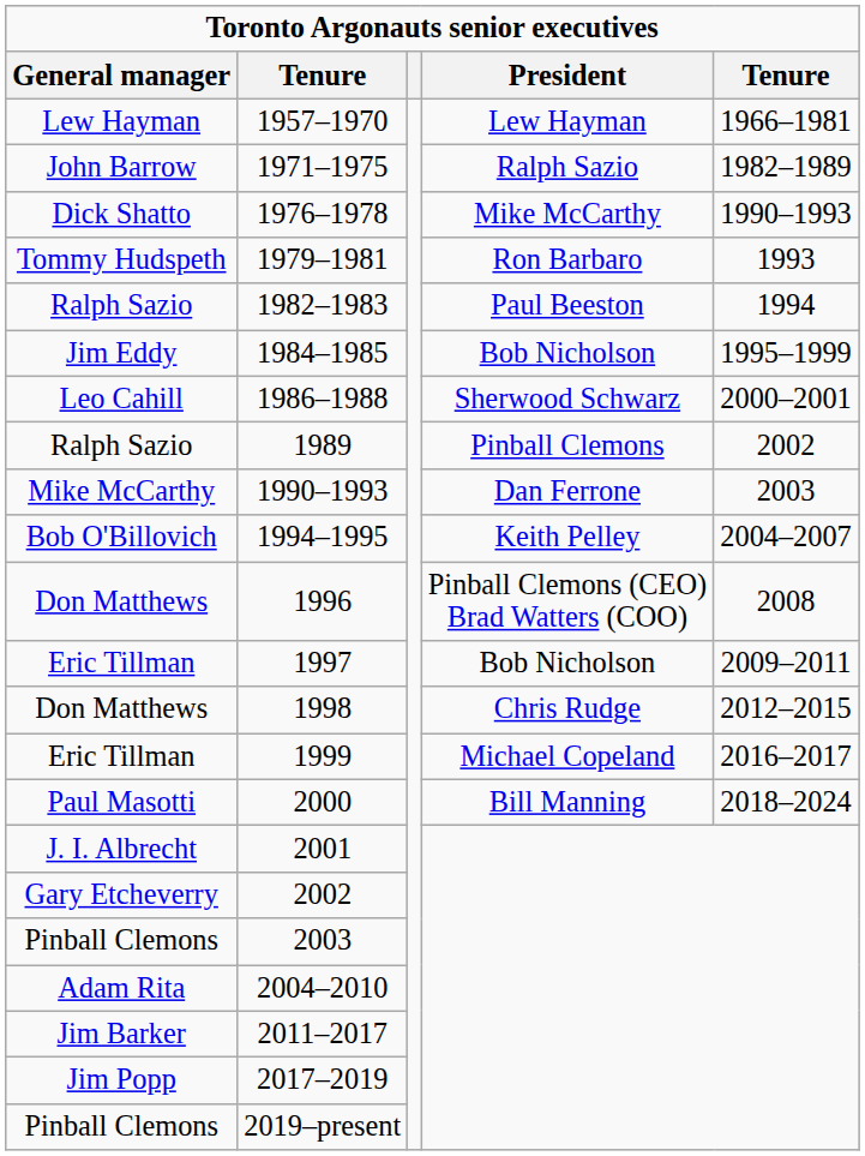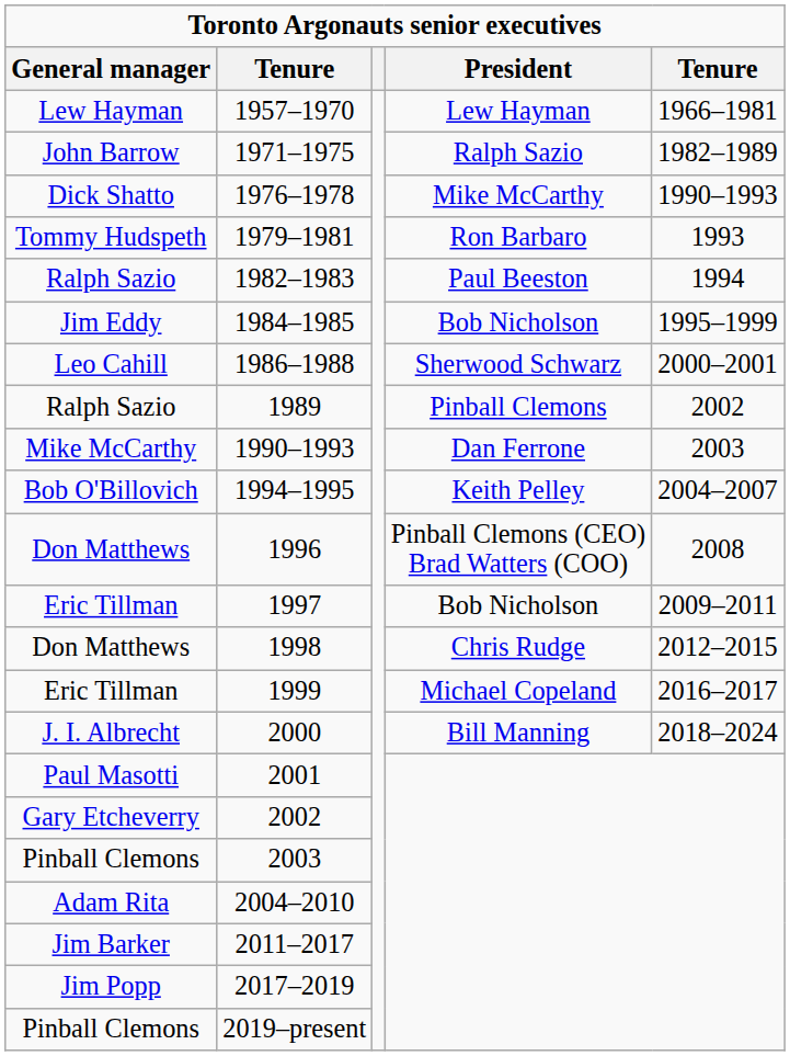 <table class="wikitable floatright" style="text-align:center">
 <tr>
 <td colspan="5"><strong>Toronto Argonauts senior executives</strong></td>
 </tr>
 <tr>
 <th>General manager</th>
 <th>Tenure</th>
 <th></th>
 <th>President</th>
 <th>Tenure</th>
 </tr>
 <tr>
 <td><a href='#'>Lew Hayman</a></td>
 <td>1957–1970</td>
 <td rowspan="22"></td>
 <td><a href='#'>Lew Hayman</a></td>
 <td>1966–1981</td>
 </tr>
 <tr>
 <td><a href='#'>John Barrow</a></td>
 <td>1971–1975</td>
 <td><a href='#'>Ralph Sazio</a></td>
 <td>1982–1989</td>
 </tr>
 <tr>
 <td><a href='#'>Dick Shatto</a></td>
 <td>1976–1978</td>
 <td><a href='#'>Mike McCarthy</a></td>
 <td>1990–1993</td>
 </tr>
 <tr>
 <td><a href='#'>Tommy Hudspeth</a></td>
 <td>1979–1981</td>
 <td><a href='#'>Ron Barbaro</a></td>
 <td>1993</td>
 </tr>
 <tr>
 <td><a href='#'>Ralph Sazio</a></td>
 <td>1982–1983</td>
 <td><a href='#'>Paul Beeston</a></td>
 <td>1994</td>
 </tr>
 <tr>
 <td><a href='#'>Jim Eddy</a></td>
 <td>1984–1985</td>
 <td><a href='#'>Bob Nicholson</a></td>
 <td>1995–1999</td>
 </tr>
 <tr>
 <td><a href='#'>Leo Cahill</a></td>
 <td>1986–1988</td>
 <td><a href='#'>Sherwood Schwarz</a></td>
 <td>2000–2001</td>
 </tr>
 <tr>
 <td>Ralph Sazio</td>
 <td>1989</td>
 <td><a href='#'>Pinball Clemons</a></td>
 <td>2002</td>
 </tr>
 <tr>
 <td><a href='#'>Mike McCarthy</a></td>
 <td>1990–1993</td>
 <td><a href='#'>Dan Ferrone</a></td>
 <td>2003</td>
 </tr>
 <tr>
 <td><a href='#'>Bob O'Billovich</a></td>
 <td>1994–1995</td>
 <td><a href='#'>Keith Pelley</a></td>
 <td>2004–2007</td>
 </tr>
 <tr>
 <td><a href='#'>Don Matthews</a></td>
 <td>1996</td>
 <td>Pinball Clemons (CEO)<br><a href='#'>Brad Watters</a> (COO)</td>
 <td>2008</td>
 </tr>
 <tr>
 <td><a href='#'>Eric Tillman</a></td>
 <td>1997</td>
 <td>Bob Nicholson</td>
 <td>2009–2011</td>
 </tr>
 <tr>
 <td>Don Matthews</td>
 <td>1998</td>
 <td><a href='#'>Chris Rudge</a></td>
 <td>2012–2015</td>
 </tr>
 <tr>
 <td>Eric Tillman</td>
 <td>1999</td>
 <td><a href='#'>Michael Copeland</a></td>
 <td>2016–2017</td>
 </tr>
 <tr>
-<td><a href='#'>Paul Masotti</a></td>
+<td><a href='#'>J. I. Albrecht</a></td>
 <td>2000</td>
 <td><a href='#'>Bill Manning</a></td>
 <td>2018–2024</td>
 </tr>
 <tr>
-<td><a href='#'>J. I. Albrecht</a></td>
+<td><a href='#'>Paul Masotti</a></td>
 <td>2001</td>
 </tr>
 <tr>
 <td><a href='#'>Gary Etcheverry</a></td>
 <td>2002</td>
 </tr>
 <tr>
 <td>Pinball Clemons</td>
 <td>2003</td>
 </tr>
 <tr>
 <td><a href='#'>Adam Rita</a></td>
 <td>2004–2010</td>
 </tr>
 <tr>
 <td><a href='#'>Jim Barker</a></td>
 <td>2011–2017</td>
 </tr>
 <tr>
 <td><a href='#'>Jim Popp</a></td>
 <td>2017–2019</td>
 </tr>
 <tr>
 <td>Pinball Clemons</td>
 <td>2019–present</td>
 </tr>
 </table>
